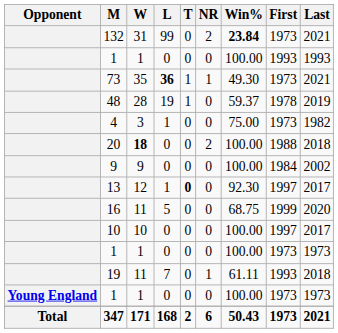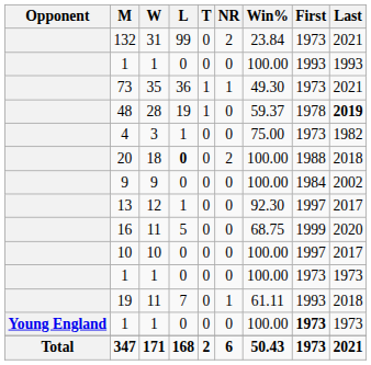 <table class="wikitable plainrowheaders sortable" style="text-align:center">
 <tr>
 <th scope="col">Opponent</th>
 <th scope="col">M</th>
 <th scope="col">W</th>
 <th scope="col">L</th>
 <th scope="col">T</th>
 <th scope="col">NR</th>
 <th scope="col">Win%</th>
 <th scope="col">First</th>
 <th scope="col">Last</th>
 </tr>
 <tr>
 <th scope="row"></th>
 <td>132</td>
 <td>31</td>
 <td>99</td>
 <td>0</td>
 <td>2</td>
-<td><strong>23.84</strong></td>
+<td>23.84</td>
 <td>1973</td>
 <td>2021</td>
 </tr>
 <tr>
 <th scope="row"></th>
 <td>1</td>
 <td>1</td>
 <td>0</td>
 <td>0</td>
 <td>0</td>
 <td>100.00</td>
 <td>1993</td>
 <td>1993</td>
 </tr>
 <tr>
 <th scope="row"></th>
 <td>73</td>
 <td>35</td>
-<td><strong>36</strong></td>
+<td>36</td>
 <td>1</td>
 <td>1</td>
 <td>49.30</td>
 <td>1973</td>
 <td>2021</td>
 </tr>
 <tr>
 <th scope="row"></th>
 <td>48</td>
 <td>28</td>
 <td>19</td>
 <td>1</td>
 <td>0</td>
 <td>59.37</td>
 <td>1978</td>
-<td>2019</td>
+<td><strong>2019</strong></td>
 </tr>
 <tr>
 <th scope="row"></th>
 <td>4</td>
 <td>3</td>
 <td>1</td>
 <td>0</td>
 <td>0</td>
 <td>75.00</td>
 <td>1973</td>
 <td>1982</td>
 </tr>
 <tr>
 <th scope="row"></th>
 <td>20</td>
-<td><strong>18</strong></td>
-<td>0</td>
+<td>18</td>
+<td><strong>0</strong></td>
 <td>0</td>
 <td>2</td>
 <td>100.00</td>
 <td>1988</td>
 <td>2018</td>
 </tr>
 <tr>
 <th scope="row"></th>
 <td>9</td>
 <td>9</td>
 <td>0</td>
 <td>0</td>
 <td>0</td>
 <td>100.00</td>
 <td>1984</td>
 <td>2002</td>
 </tr>
 <tr>
 <th scope="row"></th>
 <td>13</td>
 <td>12</td>
 <td>1</td>
-<td><strong>0</strong></td>
+<td>0</td>
 <td>0</td>
 <td>92.30</td>
 <td>1997</td>
 <td>2017</td>
 </tr>
 <tr>
 <th scope="row"></th>
 <td>16</td>
 <td>11</td>
 <td>5</td>
 <td>0</td>
 <td>0</td>
 <td>68.75</td>
 <td>1999</td>
 <td>2020</td>
 </tr>
 <tr>
 <th scope="row"></th>
 <td>10</td>
 <td>10</td>
 <td>0</td>
 <td>0</td>
 <td>0</td>
 <td>100.00</td>
 <td>1997</td>
 <td>2017</td>
 </tr>
 <tr>
 <th scope="row"></th>
 <td>1</td>
 <td>1</td>
 <td>0</td>
 <td>0</td>
 <td>0</td>
 <td>100.00</td>
 <td>1973</td>
 <td>1973</td>
 </tr>
 <tr>
 <th scope="row"></th>
 <td>19</td>
 <td>11</td>
 <td>7</td>
 <td>0</td>
 <td>1</td>
 <td>61.11</td>
 <td>1993</td>
 <td>2018</td>
 </tr>
 <tr>
 <th scope="row"; data-sort-value="Young England"> <a href='#'>Young England</a></th>
 <td>1</td>
 <td>1</td>
 <td>0</td>
 <td>0</td>
 <td>0</td>
 <td>100.00</td>
-<td>1973</td>
+<td><strong>1973</strong></td>
 <td>1973</td>
 </tr>
 <tr>
 </tr>
 <tr class="sortbottom">
 <th scope="row" style="text-align:center"><strong>Total</strong></th>
 <td><strong>347</strong></td>
 <td><strong>171</strong></td>
 <td><strong>168</strong></td>
 <td><strong>2</strong></td>
 <td><strong>6</strong></td>
 <td><strong>50.43</strong></td>
 <td><strong>1973</strong></td>
 <td><strong>2021</strong></td>
 </tr>
 </table>
